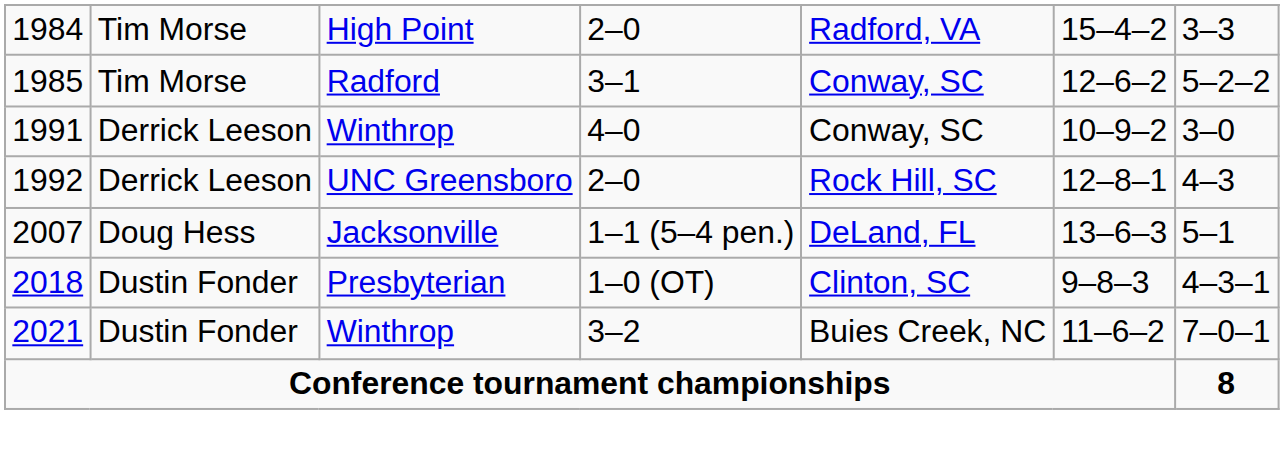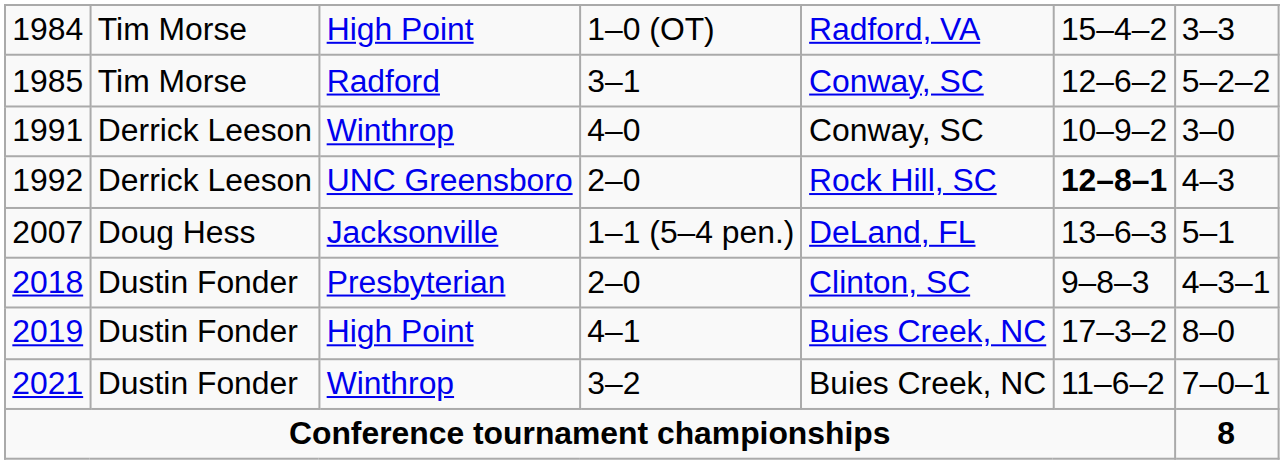 <table class="wikitable" style="font-size:100%;" style="text-align: center;">
 <tr>
 </tr>
 <tr>
 <td>1984</td>
 <td>Tim Morse</td>
 <td><a href='#'>High Point</a></td>
-<td>2–0</td>
+<td>1–0 (OT)</td>
 <td><a href='#'>Radford, VA</a></td>
 <td>15–4–2</td>
 <td>3–3</td>
 </tr>
 <tr>
 <td>1985</td>
 <td>Tim Morse</td>
 <td><a href='#'>Radford</a></td>
 <td>3–1</td>
 <td><a href='#'>Conway, SC</a></td>
 <td>12–6–2</td>
 <td>5–2–2</td>
 </tr>
 <tr>
 <td>1991</td>
 <td>Derrick Leeson</td>
 <td><a href='#'>Winthrop</a></td>
 <td>4–0</td>
 <td>Conway, SC</td>
 <td>10–9–2</td>
 <td>3–0</td>
 </tr>
 <tr>
 <td>1992</td>
 <td>Derrick Leeson</td>
 <td><a href='#'>UNC Greensboro</a></td>
 <td>2–0</td>
 <td><a href='#'>Rock Hill, SC</a></td>
-<td>12–8–1</td>
+<td><strong>12–8–1</strong></td>
 <td>4–3</td>
 </tr>
 <tr>
 <td>2007</td>
 <td>Doug Hess</td>
 <td><a href='#'>Jacksonville</a></td>
 <td>1–1 (5–4 pen.)</td>
 <td><a href='#'>DeLand, FL</a></td>
 <td>13–6–3</td>
 <td>5–1</td>
 </tr>
 <tr>
 <td><a href='#'>2018</a></td>
 <td>Dustin Fonder</td>
 <td><a href='#'>Presbyterian</a></td>
-<td>1–0 (OT)</td>
+<td>2–0</td>
 <td><a href='#'>Clinton, SC</a></td>
 <td>9–8–3</td>
 <td>4–3–1</td>
+</tr>
+<tr>
+<td><a href='#'>2019</a></td>
+<td>Dustin Fonder</td>
+<td><a href='#'>High Point</a></td>
+<td>4–1</td>
+<td><a href='#'>Buies Creek, NC</a></td>
+<td>17–3–2</td>
+<td>8–0</td>
 </tr>
 <tr>
 <td><a href='#'>2021</a></td>
 <td>Dustin Fonder</td>
 <td><a href='#'>Winthrop</a></td>
 <td>3–2</td>
 <td>Buies Creek, NC</td>
 <td>11–6–2</td>
 <td>7–0–1</td>
 </tr>
 <tr style="text-align:center; ">
 <td colspan="6"><strong>Conference tournament championships</strong></td>
 <td colspan="1"><strong>8</strong></td>
 </tr>
 </table>
